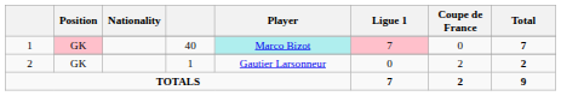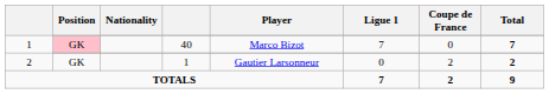 <table class="wikitable" style="font-size: 95%; text-align: center;">
 <tr>
 <th width=60></th>
 <th width=60>Position</th>
 <th width=80>Nationality</th>
 <th width=60></th>
 <th width=180>Player</th>
 <th width=100>Ligue 1</th>
 <th width=80>Coupe de France</th>
 <th width=80>Total</th>
 </tr>
 <tr>
 <td rowspan="2">1</td>
 </tr>
 <tr>
 <td style="background: pink;">GK</td>
 <td></td>
 <td>40</td>
-<td style="background: paleturquoise;"><a href='#'>Marco Bizot</a></td>
-<td style="background: pink;">7</td>
+<td><a href='#'>Marco Bizot</a></td>
+<td>7</td>
 <td>0</td>
 <td><strong>7</strong></td>
 </tr>
 <tr>
 <td rowspan="2">2</td>
 </tr>
 <tr>
 <td>GK</td>
 <td></td>
 <td>1</td>
 <td><a href='#'>Gautier Larsonneur</a></td>
 <td>0</td>
 <td>2</td>
 <td><strong>2</strong></td>
 </tr>
 <tr>
 <td colspan=5><strong>TOTALS</strong></td>
 <td><strong>7</strong></td>
 <td><strong>2</strong></td>
 <td><strong>9</strong></td>
 </tr>
 </table>
